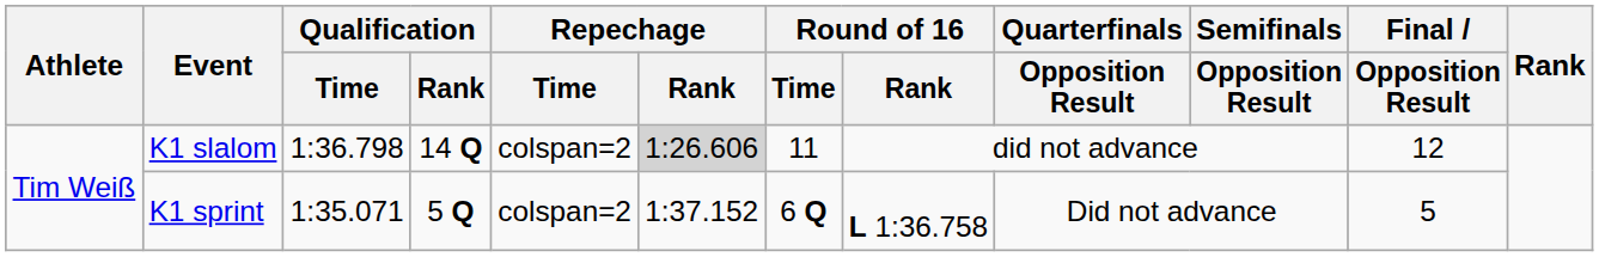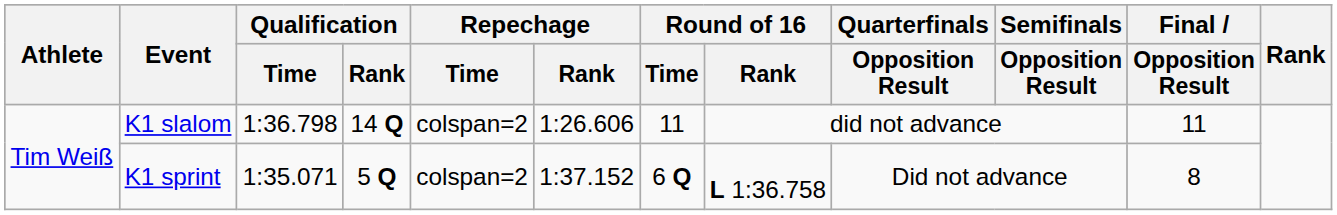 <table class="wikitable" style="font-size:90%;">
 <tr>
 <th rowspan=2>Athlete</th>
 <th rowspan=2>Event</th>
 <th colspan=2>Qualification</th>
 <th colspan=2>Repechage</th>
 <th colspan=2>Round of 16</th>
 <th>Quarterfinals</th>
 <th>Semifinals</th>
 <th>Final / </th>
 <th rowspan=2>Rank</th>
 </tr>
 <tr style="font-size:95%">
 <th>Time</th>
 <th>Rank</th>
 <th>Time</th>
 <th>Rank</th>
 <th>Time</th>
 <th>Rank</th>
 <th>Opposition <br>Result</th>
 <th>Opposition <br>Result</th>
 <th>Opposition <br>Result</th>
 </tr>
 <tr align=center>
 <td rowspan=2 align=left><a href='#'>Tim Weiß</a></td>
 <td align=left><a href='#'>K1 slalom</a></td>
 <td align=center>1:36.798</td>
 <td>14 <strong>Q</strong></td>
 <td>colspan=2 </td>
-<td style="background: lightgrey;">1:26.606</td>
+<td>1:26.606</td>
 <td>11</td>
 <td colspan=3>did not advance</td>
-<td>12</td>
+<td>11</td>
 </tr>
 <tr>
 <td align=left><a href='#'>K1 sprint</a></td>
 <td>1:35.071</td>
 <td align=center>5 <strong>Q</strong></td>
 <td>colspan=2 </td>
 <td align=center>1:37.152</td>
 <td align=center>6 <strong>Q</strong></td>
 <td align=center><br><strong>L</strong> 1:36.758</td>
 <td colspan=2 align=center>Did not advance</td>
-<td align=center>5</td>
+<td align=center>8</td>
 </tr>
 </table>
